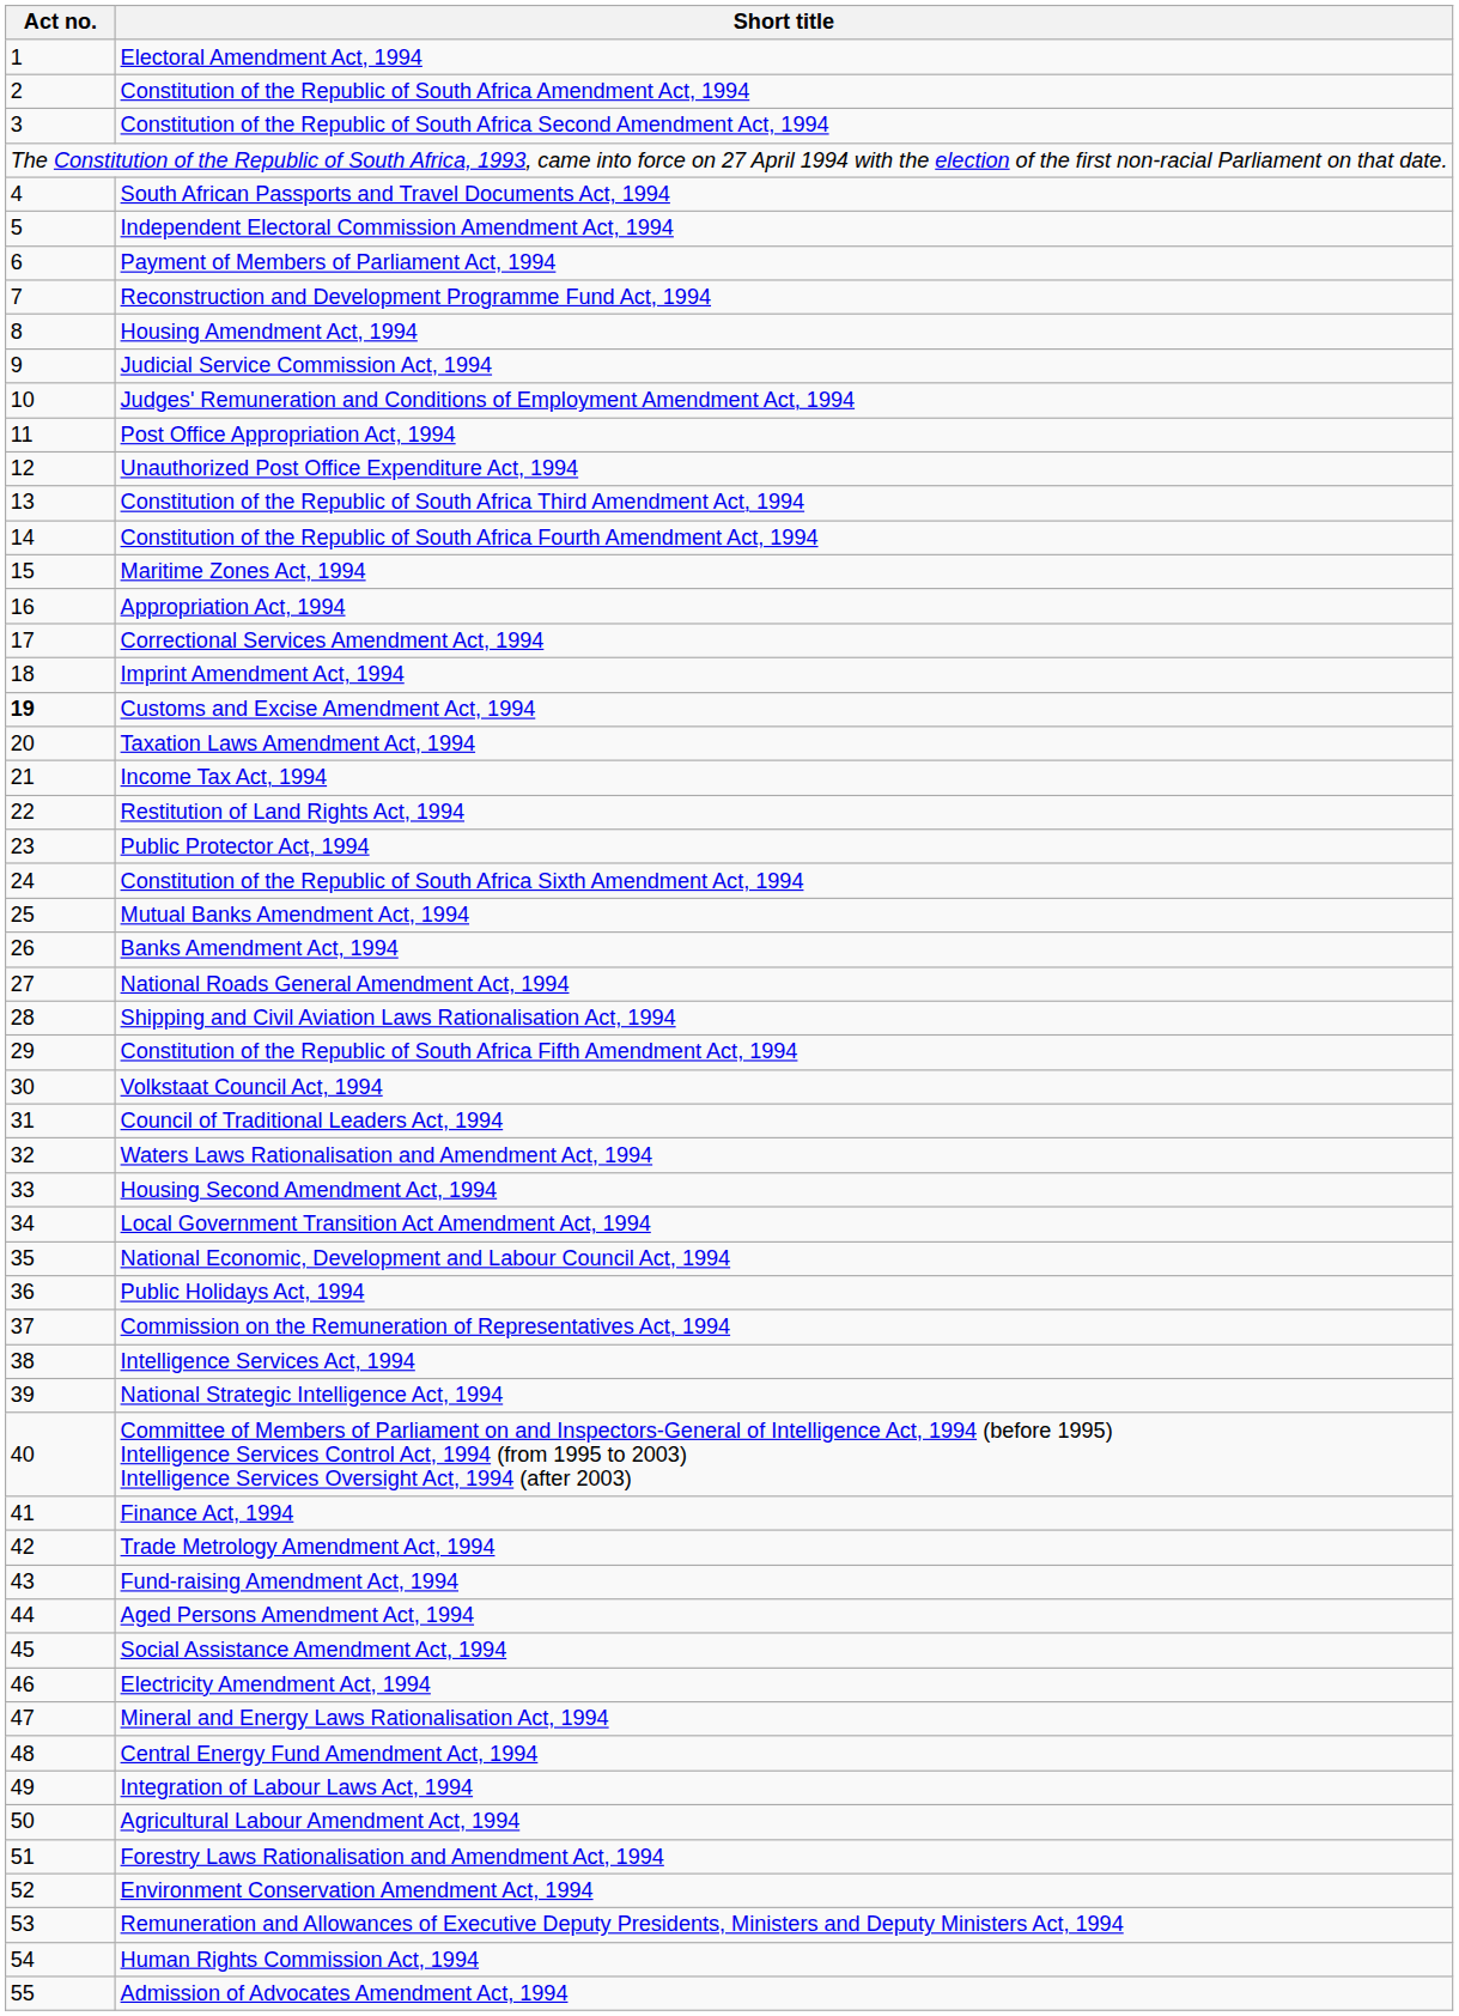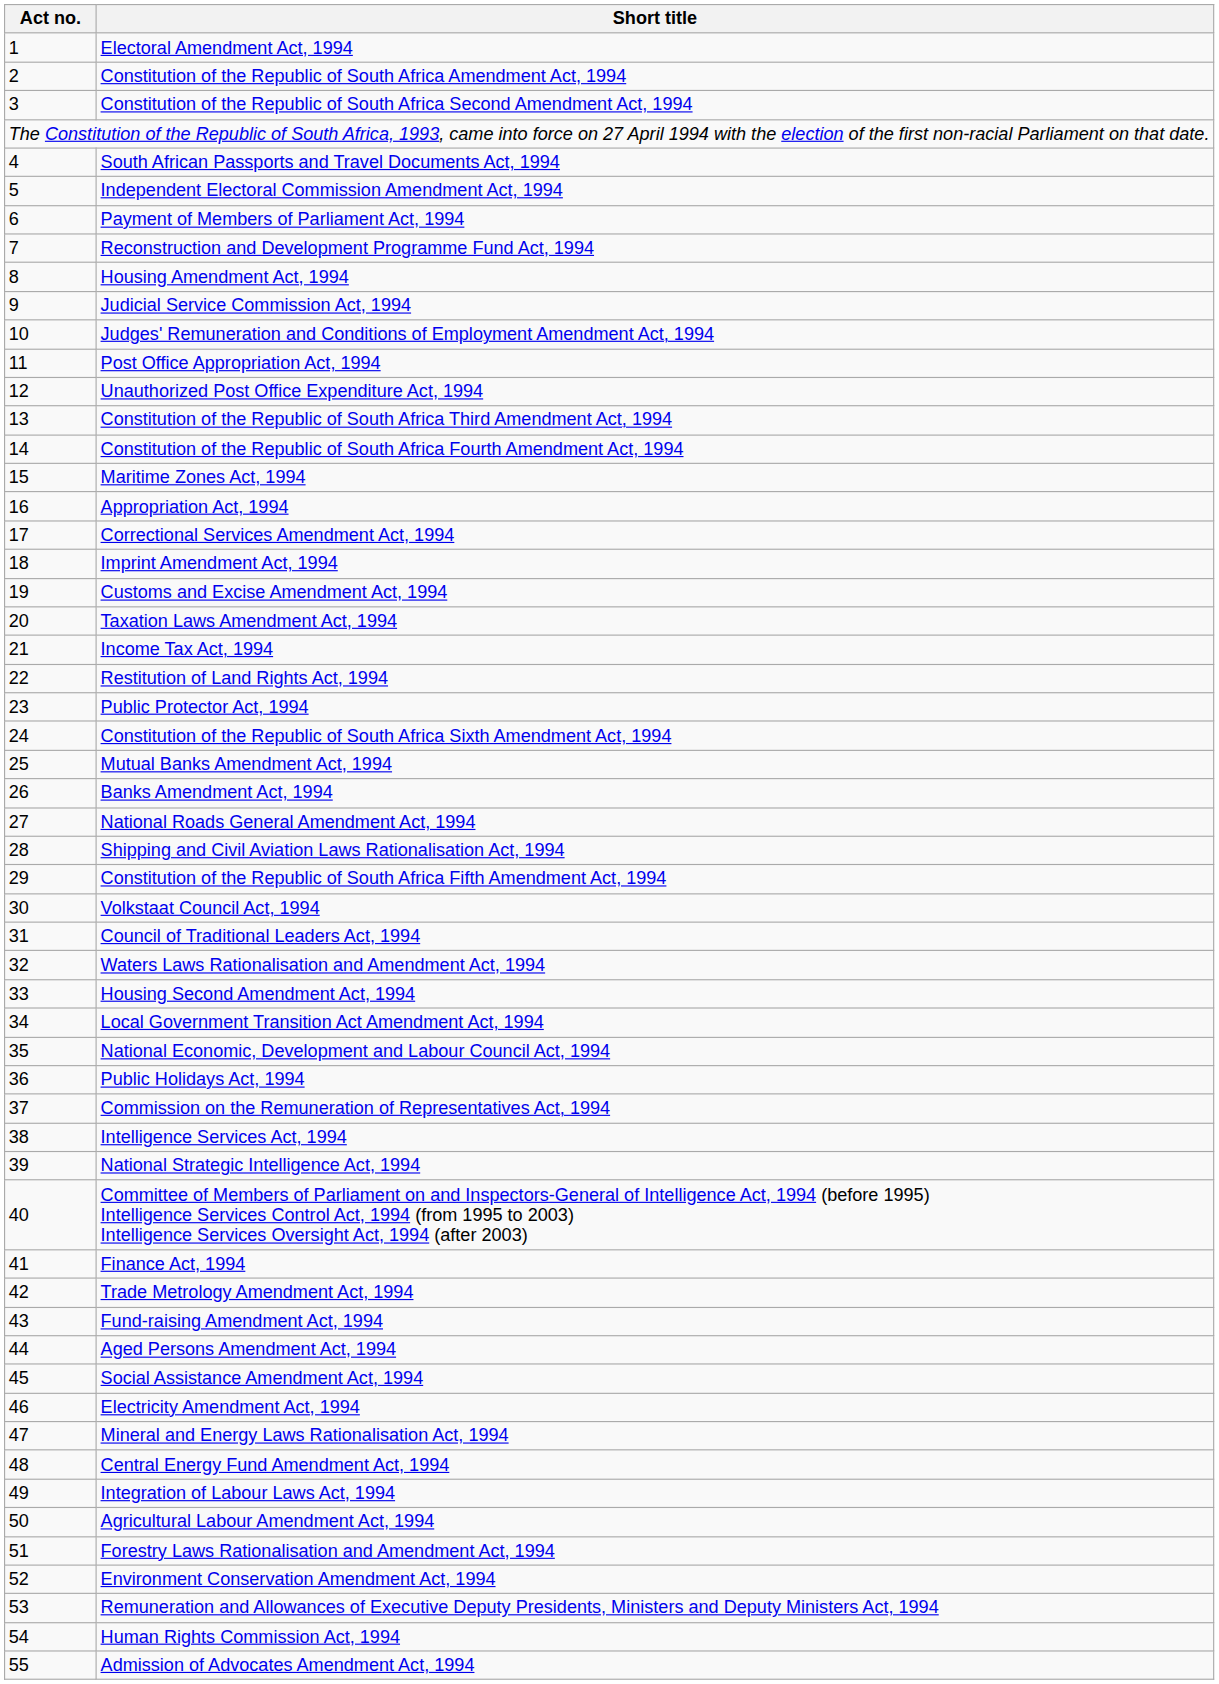 <table class="wikitable sortable">
 <tr>
 <th>Act no.</th>
 <th>Short title</th>
 </tr>
 <tr>
 <td>1</td>
 <td><a href='#'>Electoral Amendment Act, 1994</a></td>
 </tr>
 <tr>
 <td>2</td>
 <td><a href='#'>Constitution of the Republic of South Africa Amendment Act, 1994</a></td>
 </tr>
 <tr>
 <td>3</td>
 <td><a href='#'>Constitution of the Republic of South Africa Second Amendment Act, 1994</a></td>
 </tr>
 <tr>
 <td colspan=2 align=center><em>The <a href='#'>Constitution of the Republic of South Africa, 1993</a>, came into force on 27 April 1994 with the <a href='#'>election</a> of the first non-racial Parliament on that date.</em></td>
 </tr>
 <tr>
 <td>4</td>
 <td><a href='#'>South African Passports and Travel Documents Act, 1994</a></td>
 </tr>
 <tr>
 <td>5</td>
 <td><a href='#'>Independent Electoral Commission Amendment Act, 1994</a></td>
 </tr>
 <tr>
 <td>6</td>
 <td><a href='#'>Payment of Members of Parliament Act, 1994</a></td>
 </tr>
 <tr>
 <td>7</td>
 <td><a href='#'>Reconstruction and Development Programme Fund Act, 1994</a></td>
 </tr>
 <tr>
 <td>8</td>
 <td><a href='#'>Housing Amendment Act, 1994</a></td>
 </tr>
 <tr>
 <td>9</td>
 <td><a href='#'>Judicial Service Commission Act, 1994</a></td>
 </tr>
 <tr>
 <td>10</td>
 <td><a href='#'>Judges' Remuneration and Conditions of Employment Amendment Act, 1994</a></td>
 </tr>
 <tr>
 <td>11</td>
 <td><a href='#'>Post Office Appropriation Act, 1994</a></td>
 </tr>
 <tr>
 <td>12</td>
 <td><a href='#'>Unauthorized Post Office Expenditure Act, 1994</a></td>
 </tr>
 <tr>
 <td>13</td>
 <td><a href='#'>Constitution of the Republic of South Africa Third Amendment Act, 1994</a></td>
 </tr>
 <tr>
 <td>14</td>
 <td><a href='#'>Constitution of the Republic of South Africa Fourth Amendment Act, 1994</a></td>
 </tr>
 <tr>
 <td>15</td>
 <td><a href='#'>Maritime Zones Act, 1994</a></td>
 </tr>
 <tr>
 <td>16</td>
 <td><a href='#'>Appropriation Act, 1994</a></td>
 </tr>
 <tr>
 <td>17</td>
 <td><a href='#'>Correctional Services Amendment Act, 1994</a></td>
 </tr>
 <tr>
 <td>18</td>
 <td><a href='#'>Imprint Amendment Act, 1994</a></td>
 </tr>
 <tr>
-<td><strong>19</strong></td>
+<td>19</td>
 <td><a href='#'>Customs and Excise Amendment Act, 1994</a></td>
 </tr>
 <tr>
 <td>20</td>
 <td><a href='#'>Taxation Laws Amendment Act, 1994</a></td>
 </tr>
 <tr>
 <td>21</td>
 <td><a href='#'>Income Tax Act, 1994</a></td>
 </tr>
 <tr>
 <td>22</td>
 <td><a href='#'>Restitution of Land Rights Act, 1994</a></td>
 </tr>
 <tr>
 <td>23</td>
 <td><a href='#'>Public Protector Act, 1994</a></td>
 </tr>
 <tr>
 <td>24</td>
 <td><a href='#'>Constitution of the Republic of South Africa Sixth Amendment Act, 1994</a></td>
 </tr>
 <tr>
 <td>25</td>
 <td><a href='#'>Mutual Banks Amendment Act, 1994</a></td>
 </tr>
 <tr>
 <td>26</td>
 <td><a href='#'>Banks Amendment Act, 1994</a></td>
 </tr>
 <tr>
 <td>27</td>
 <td><a href='#'>National Roads General Amendment Act, 1994</a></td>
 </tr>
 <tr>
 <td>28</td>
 <td><a href='#'>Shipping and Civil Aviation Laws Rationalisation Act, 1994</a></td>
 </tr>
 <tr>
 <td>29</td>
 <td><a href='#'>Constitution of the Republic of South Africa Fifth Amendment Act, 1994</a></td>
 </tr>
 <tr>
 <td>30</td>
 <td><a href='#'>Volkstaat Council Act, 1994</a></td>
 </tr>
 <tr>
 <td>31</td>
 <td><a href='#'>Council of Traditional Leaders Act, 1994</a></td>
 </tr>
 <tr>
 <td>32</td>
 <td><a href='#'>Waters Laws Rationalisation and Amendment Act, 1994</a></td>
 </tr>
 <tr>
 <td>33</td>
 <td><a href='#'>Housing Second Amendment Act, 1994</a></td>
 </tr>
 <tr>
 <td>34</td>
 <td><a href='#'>Local Government Transition Act Amendment Act, 1994</a></td>
 </tr>
 <tr>
 <td>35</td>
 <td><a href='#'>National Economic, Development and Labour Council Act, 1994</a></td>
 </tr>
 <tr>
 <td>36</td>
 <td><a href='#'>Public Holidays Act, 1994</a></td>
 </tr>
 <tr>
 <td>37</td>
 <td><a href='#'>Commission on the Remuneration of Representatives Act, 1994</a></td>
 </tr>
 <tr>
 <td>38</td>
 <td><a href='#'>Intelligence Services Act, 1994</a></td>
 </tr>
 <tr>
 <td>39</td>
 <td><a href='#'>National Strategic Intelligence Act, 1994</a></td>
 </tr>
 <tr>
 <td>40</td>
 <td><a href='#'>Committee of Members of Parliament on and Inspectors-General of Intelligence Act, 1994</a> (before 1995) <br><a href='#'>Intelligence Services Control Act, 1994</a> (from 1995 to 2003) <br><a href='#'>Intelligence Services Oversight Act, 1994</a> (after 2003)</td>
 </tr>
 <tr>
 <td>41</td>
 <td><a href='#'>Finance Act, 1994</a></td>
 </tr>
 <tr>
 <td>42</td>
 <td><a href='#'>Trade Metrology Amendment Act, 1994</a></td>
 </tr>
 <tr>
 <td>43</td>
 <td><a href='#'>Fund-raising Amendment Act, 1994</a></td>
 </tr>
 <tr>
 <td>44</td>
 <td><a href='#'>Aged Persons Amendment Act, 1994</a></td>
 </tr>
 <tr>
 <td>45</td>
 <td><a href='#'>Social Assistance Amendment Act, 1994</a></td>
 </tr>
 <tr>
 <td>46</td>
 <td><a href='#'>Electricity Amendment Act, 1994</a></td>
 </tr>
 <tr>
 <td>47</td>
 <td><a href='#'>Mineral and Energy Laws Rationalisation Act, 1994</a></td>
 </tr>
 <tr>
 <td>48</td>
 <td><a href='#'>Central Energy Fund Amendment Act, 1994</a></td>
 </tr>
 <tr>
 <td>49</td>
 <td><a href='#'>Integration of Labour Laws Act, 1994</a></td>
 </tr>
 <tr>
 <td>50</td>
 <td><a href='#'>Agricultural Labour Amendment Act, 1994</a></td>
 </tr>
 <tr>
 <td>51</td>
 <td><a href='#'>Forestry Laws Rationalisation and Amendment Act, 1994</a></td>
 </tr>
 <tr>
 <td>52</td>
 <td><a href='#'>Environment Conservation Amendment Act, 1994</a></td>
 </tr>
 <tr>
 <td>53</td>
 <td><a href='#'>Remuneration and Allowances of Executive Deputy Presidents, Ministers and Deputy Ministers Act, 1994</a></td>
 </tr>
 <tr>
 <td>54</td>
 <td><a href='#'>Human Rights Commission Act, 1994</a></td>
 </tr>
 <tr>
 <td>55</td>
 <td><a href='#'>Admission of Advocates Amendment Act, 1994</a></td>
 </tr>
 </table>
